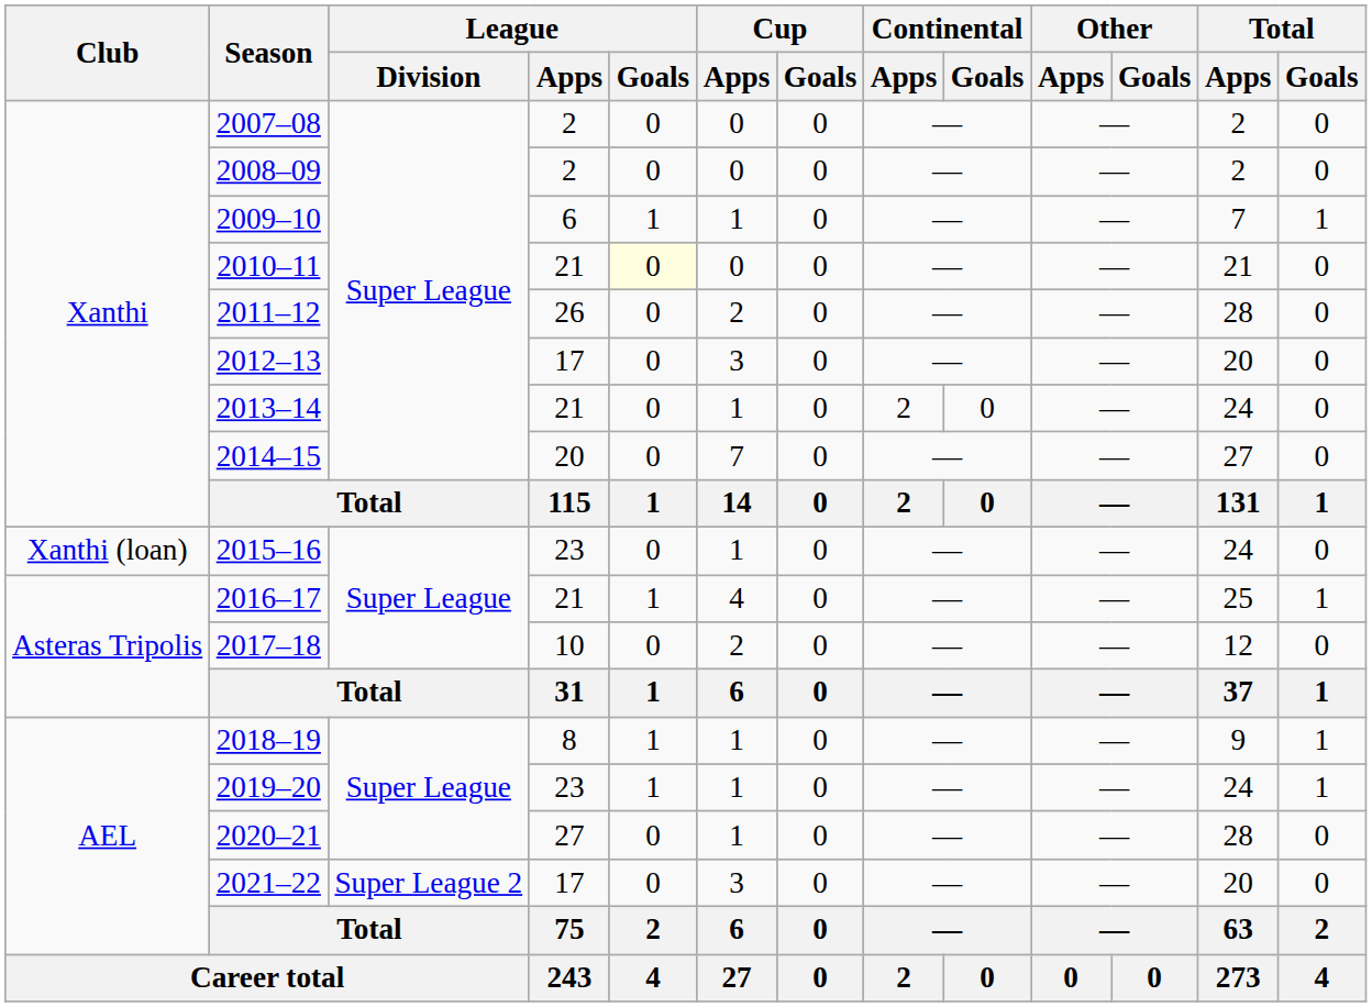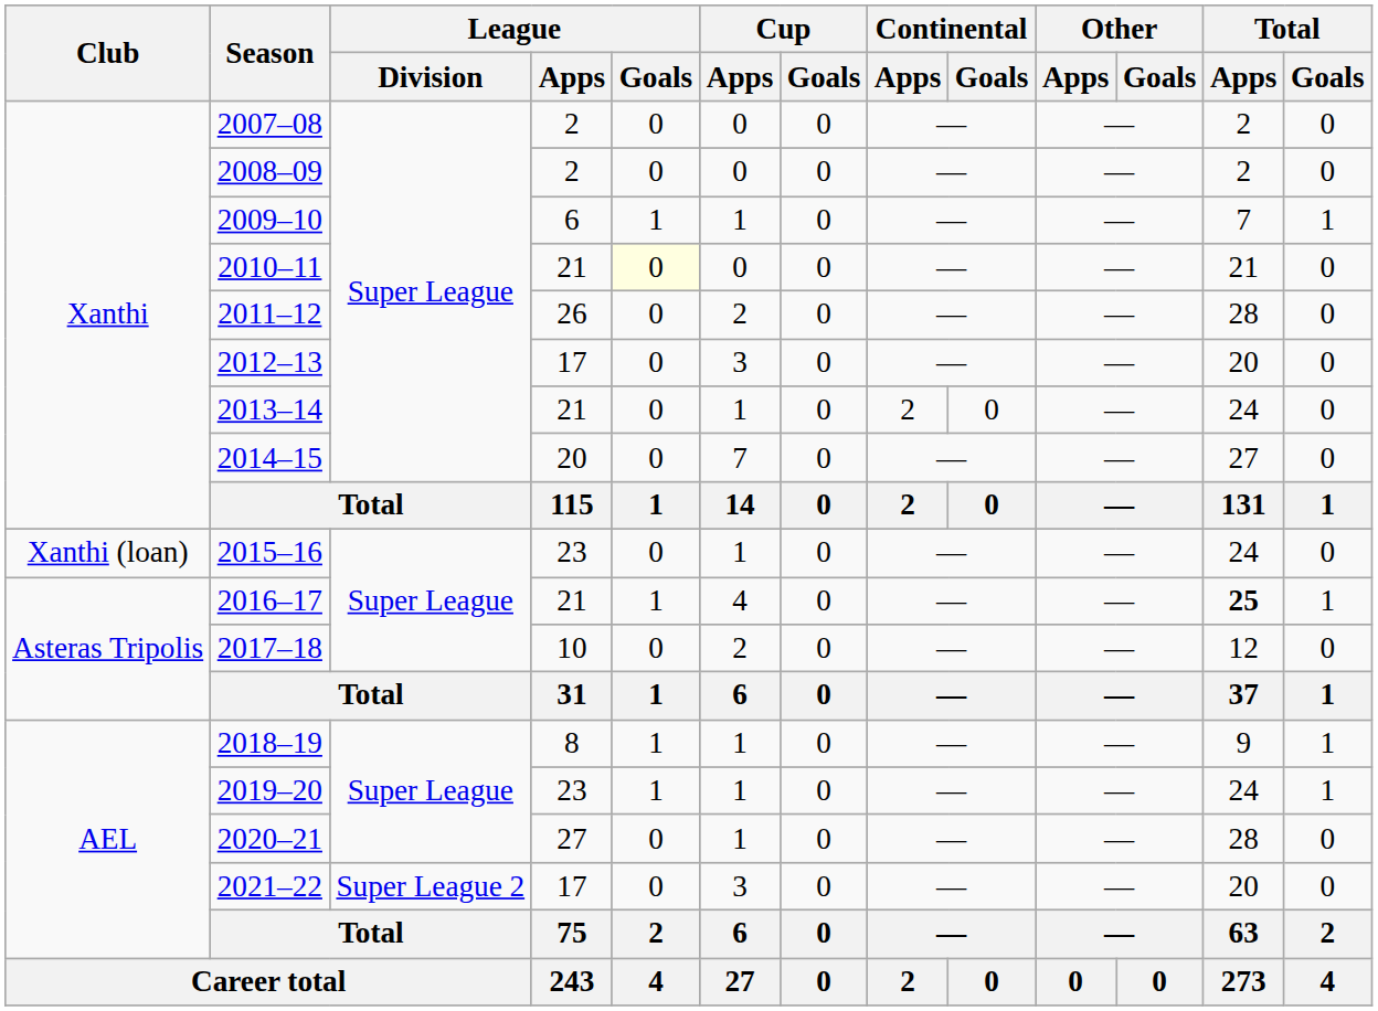 <table class="wikitable" style="text-align:center">
 <tr>
 <th rowspan=2>Club</th>
 <th rowspan=2>Season</th>
 <th colspan=3>League</th>
 <th colspan=2>Cup</th>
 <th colspan=2>Continental</th>
 <th colspan=2>Other</th>
 <th colspan=2>Total</th>
 </tr>
 <tr>
 <th>Division</th>
 <th>Apps</th>
 <th>Goals</th>
 <th>Apps</th>
 <th>Goals</th>
 <th>Apps</th>
 <th>Goals</th>
 <th>Apps</th>
 <th>Goals</th>
 <th>Apps</th>
 <th>Goals</th>
 </tr>
 <tr>
 <td rowspan="9"><a href='#'>Xanthi</a></td>
 <td><a href='#'>2007–08</a></td>
 <td rowspan="8"><a href='#'>Super League</a></td>
 <td>2</td>
 <td>0</td>
 <td>0</td>
 <td>0</td>
 <td colspan="2">—</td>
 <td colspan="2">—</td>
 <td>2</td>
 <td>0</td>
 </tr>
 <tr>
 <td><a href='#'>2008–09</a></td>
 <td>2</td>
 <td>0</td>
 <td>0</td>
 <td>0</td>
 <td colspan="2">—</td>
 <td colspan="2">—</td>
 <td>2</td>
 <td>0</td>
 </tr>
 <tr>
 <td><a href='#'>2009–10</a></td>
 <td>6</td>
 <td>1</td>
 <td>1</td>
 <td>0</td>
 <td colspan="2">—</td>
 <td colspan="2">—</td>
 <td>7</td>
 <td>1</td>
 </tr>
 <tr>
 <td><a href='#'>2010–11</a></td>
 <td>21</td>
 <td style="background: lightyellow;">0</td>
 <td>0</td>
 <td>0</td>
 <td colspan="2">—</td>
 <td colspan="2">—</td>
 <td>21</td>
 <td>0</td>
 </tr>
 <tr>
 <td><a href='#'>2011–12</a></td>
 <td>26</td>
 <td>0</td>
 <td>2</td>
 <td>0</td>
 <td colspan="2">—</td>
 <td colspan="2">—</td>
 <td>28</td>
 <td>0</td>
 </tr>
 <tr>
 <td><a href='#'>2012–13</a></td>
 <td>17</td>
 <td>0</td>
 <td>3</td>
 <td>0</td>
 <td colspan="2">—</td>
 <td colspan="2">—</td>
 <td>20</td>
 <td>0</td>
 </tr>
 <tr>
 <td><a href='#'>2013–14</a></td>
 <td>21</td>
 <td>0</td>
 <td>1</td>
 <td>0</td>
 <td>2</td>
 <td>0</td>
 <td colspan="2">—</td>
 <td>24</td>
 <td>0</td>
 </tr>
 <tr>
 <td><a href='#'>2014–15</a></td>
 <td>20</td>
 <td>0</td>
 <td>7</td>
 <td>0</td>
 <td colspan="2">—</td>
 <td colspan="2">—</td>
 <td>27</td>
 <td>0</td>
 </tr>
 <tr>
 <th colspan="2">Total</th>
 <th>115</th>
 <th>1</th>
 <th>14</th>
 <th>0</th>
 <th>2</th>
 <th>0</th>
 <th colspan="2">—</th>
 <th>131</th>
 <th>1</th>
 </tr>
 <tr>
 <td><a href='#'>Xanthi</a> (loan)</td>
 <td><a href='#'>2015–16</a></td>
 <td rowspan="3"><a href='#'>Super League</a></td>
 <td>23</td>
 <td>0</td>
 <td>1</td>
 <td>0</td>
 <td colspan="2">—</td>
 <td colspan="2">—</td>
 <td>24</td>
 <td>0</td>
 </tr>
 <tr>
 <td rowspan="3"><a href='#'>Asteras Tripolis</a></td>
 <td><a href='#'>2016–17</a></td>
 <td>21</td>
 <td>1</td>
 <td>4</td>
 <td>0</td>
 <td colspan="2">—</td>
 <td colspan="2">—</td>
-<td>25</td>
+<td><strong>25</strong></td>
 <td>1</td>
 </tr>
 <tr>
 <td><a href='#'>2017–18</a></td>
 <td>10</td>
 <td>0</td>
 <td>2</td>
 <td>0</td>
 <td colspan="2">—</td>
 <td colspan="2">—</td>
 <td>12</td>
 <td>0</td>
 </tr>
 <tr>
 <th colspan="2">Total</th>
 <th>31</th>
 <th>1</th>
 <th>6</th>
 <th>0</th>
 <th colspan="2">—</th>
 <th colspan="2">—</th>
 <th>37</th>
 <th>1</th>
 </tr>
 <tr>
 <td rowspan="5"><a href='#'>AEL</a></td>
 <td><a href='#'>2018–19</a></td>
 <td rowspan="3"><a href='#'>Super League</a></td>
 <td>8</td>
 <td>1</td>
 <td>1</td>
 <td>0</td>
 <td colspan="2">—</td>
 <td colspan="2">—</td>
 <td>9</td>
 <td>1</td>
 </tr>
 <tr>
 <td><a href='#'>2019–20</a></td>
 <td>23</td>
 <td>1</td>
 <td>1</td>
 <td>0</td>
 <td colspan="2">—</td>
 <td colspan="2">—</td>
 <td>24</td>
 <td>1</td>
 </tr>
 <tr>
 <td><a href='#'>2020–21</a></td>
 <td>27</td>
 <td>0</td>
 <td>1</td>
 <td>0</td>
 <td colspan="2">—</td>
 <td colspan="2">—</td>
 <td>28</td>
 <td>0</td>
 </tr>
 <tr>
 <td><a href='#'>2021–22</a></td>
 <td><a href='#'>Super League 2</a></td>
 <td>17</td>
 <td>0</td>
 <td>3</td>
 <td>0</td>
 <td colspan="2">—</td>
 <td colspan="2">—</td>
 <td>20</td>
 <td>0</td>
 </tr>
 <tr>
 <th colspan="2">Total</th>
 <th>75</th>
 <th>2</th>
 <th>6</th>
 <th>0</th>
 <th colspan="2">—</th>
 <th colspan="2">—</th>
 <th>63</th>
 <th>2</th>
 </tr>
 <tr>
 <th colspan="3">Career total</th>
 <th>243</th>
 <th>4</th>
 <th>27</th>
 <th>0</th>
 <th>2</th>
 <th>0</th>
 <th>0</th>
 <th>0</th>
 <th>273</th>
 <th>4</th>
 </tr>
 </table>
